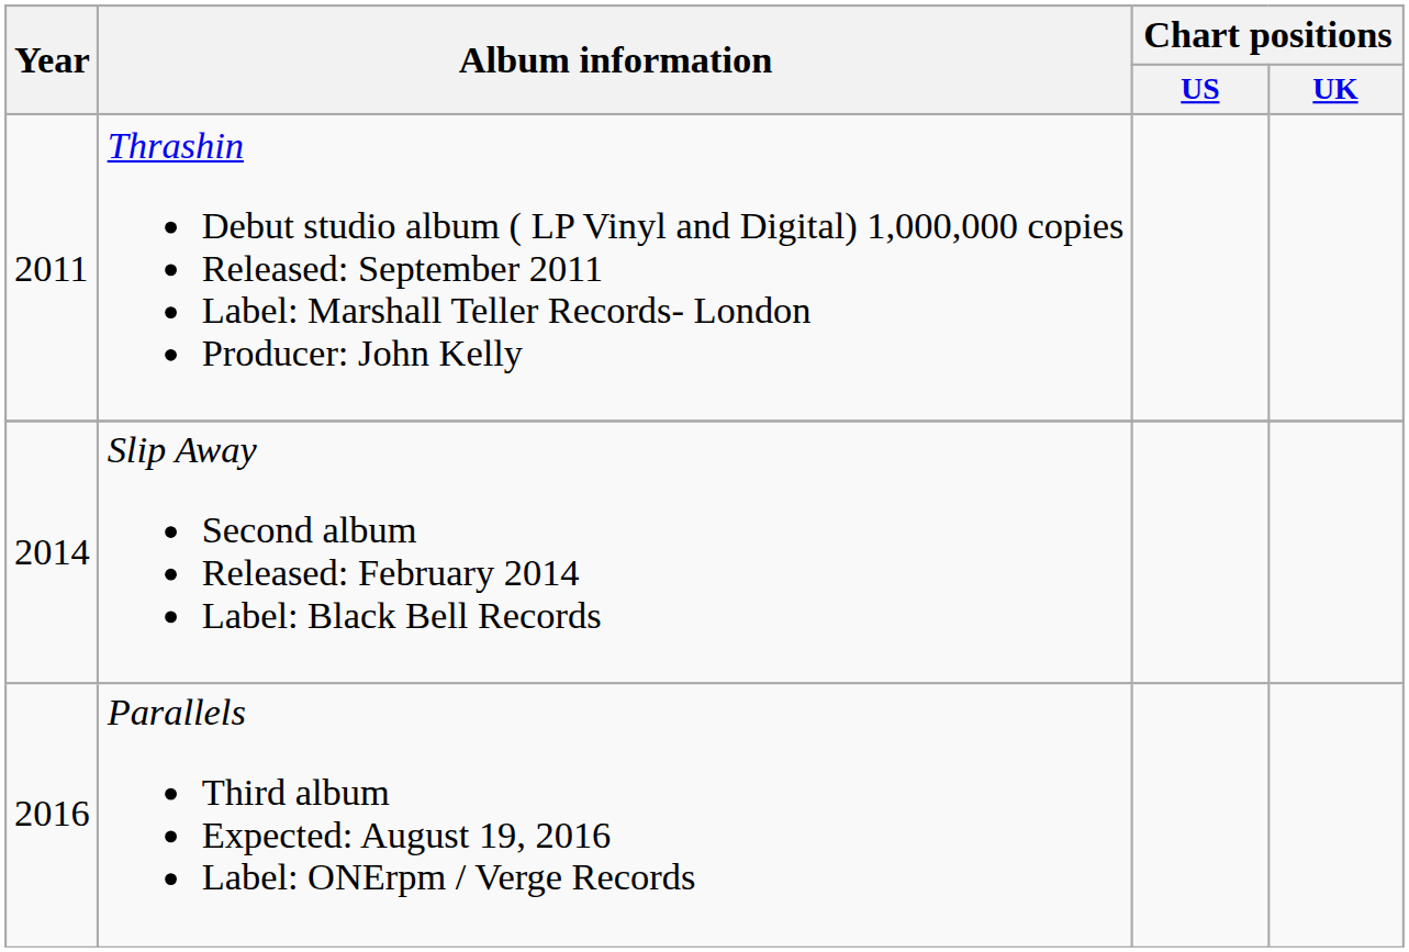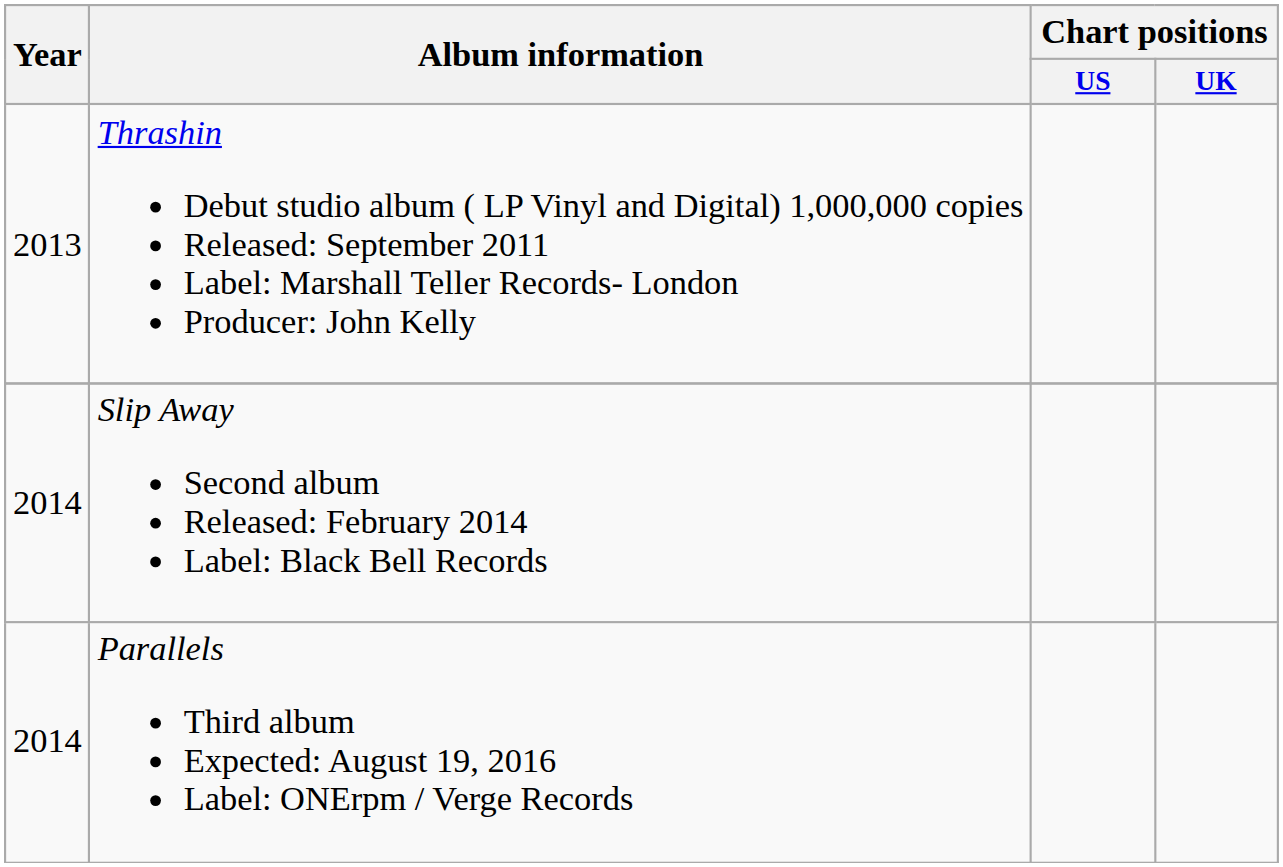 <table class="wikitable">
 <tr>
 <th rowspan="2">Year</th>
 <th rowspan="2">Album information</th>
 <th colspan="5">Chart positions</th>
 </tr>
 <tr>
 <th style="width:4em;font-size:80%"><a href='#'>US</a></th>
 <th style="width:4em;font-size:80%"><a href='#'>UK</a></th>
 </tr>
 <tr>
-<td>2011</td>
+<td>2013</td>
 <td><em><a href='#'>Thrashin</a></em><br><ul><li>Debut studio album ( LP Vinyl and Digital) 1,000,000 copies</li><li>Released: September 2011</li><li>Label: Marshall Teller Records- London</li><li>Producer: John Kelly</li></ul></td>
 <td align="center"></td>
 <td align="center"></td>
 </tr>
 <tr bgcolor="#FCFCFC">
 </tr>
 <tr>
 <td>2014</td>
 <td><em>Slip Away</em><br><ul><li>Second album</li><li>Released: February 2014</li><li>Label: Black Bell Records</li></ul></td>
 <td align="center"></td>
 <td align="center"></td>
 </tr>
 <tr>
-<td>2016</td>
+<td>2014</td>
 <td><em>Parallels</em><br><ul><li>Third album</li><li>Expected: August 19, 2016</li><li>Label: ONErpm / Verge Records</li></ul></td>
 <td></td>
 <td></td>
 </tr>
 <tr bgcolor="#FCFCFC">
 </tr>
 </table>
